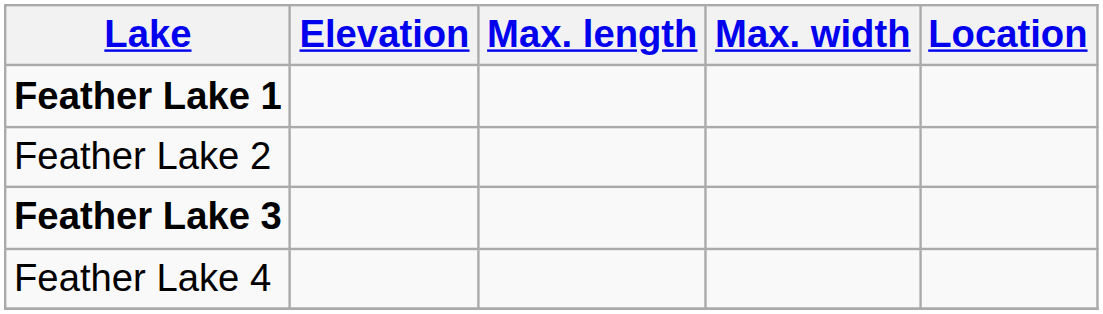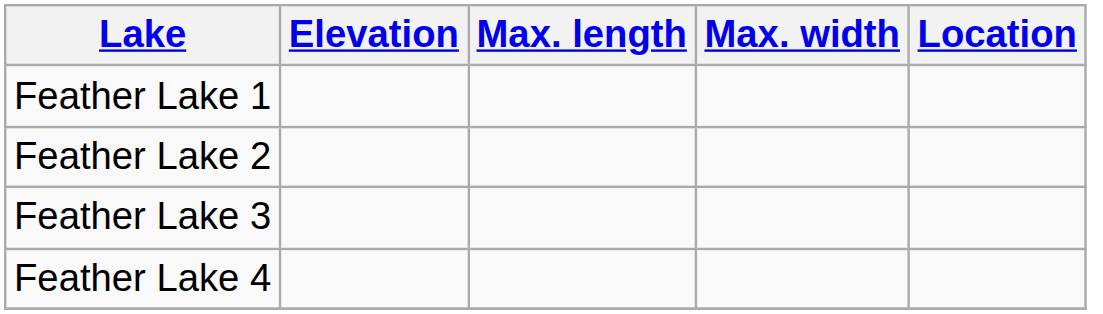 <table class="wikitable sortable">
 <tr>
 <th><a href='#'>Lake</a></th>
 <th><a href='#'>Elevation</a></th>
 <th><a href='#'>Max. length</a></th>
 <th><a href='#'>Max. width</a></th>
 <th><a href='#'>Location</a></th>
 </tr>
 <tr>
-<td><strong>Feather Lake 1</strong></td>
+<td>Feather Lake 1</td>
 <td></td>
 <td></td>
 <td></td>
 <td></td>
 </tr>
 <tr>
 <td>Feather Lake 2</td>
 <td></td>
 <td></td>
 <td></td>
 <td></td>
 </tr>
 <tr>
-<td><strong>Feather Lake 3</strong></td>
+<td>Feather Lake 3</td>
 <td></td>
 <td></td>
 <td></td>
 <td></td>
 </tr>
 <tr>
 <td>Feather Lake 4</td>
 <td></td>
 <td></td>
 <td></td>
 <td></td>
 </tr>
 <tr>
 </tr>
 </table>
